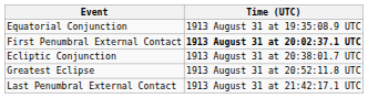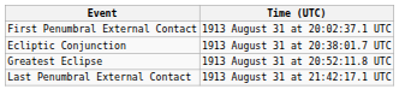 <table class="wikitable">
 <tr>
 <th>Event</th>
 <th>Time (UTC)</th>
 </tr>
 <tr>
-<td>Equatorial Conjunction</td>
-<td>1913 August 31 at 19:35:08.9 UTC</td>
-</tr>
-<tr>
 <td>First Penumbral External Contact</td>
-<td><strong>1913 August 31 at 20:02:37.1 UTC</strong></td>
+<td>1913 August 31 at 20:02:37.1 UTC</td>
 </tr>
 <tr>
 <td>Ecliptic Conjunction</td>
 <td>1913 August 31 at 20:38:01.7 UTC</td>
 </tr>
 <tr>
 <td>Greatest Eclipse</td>
 <td>1913 August 31 at 20:52:11.8 UTC</td>
 </tr>
 <tr>
 <td>Last Penumbral External Contact</td>
 <td>1913 August 31 at 21:42:17.1 UTC</td>
 </tr>
 </table>
